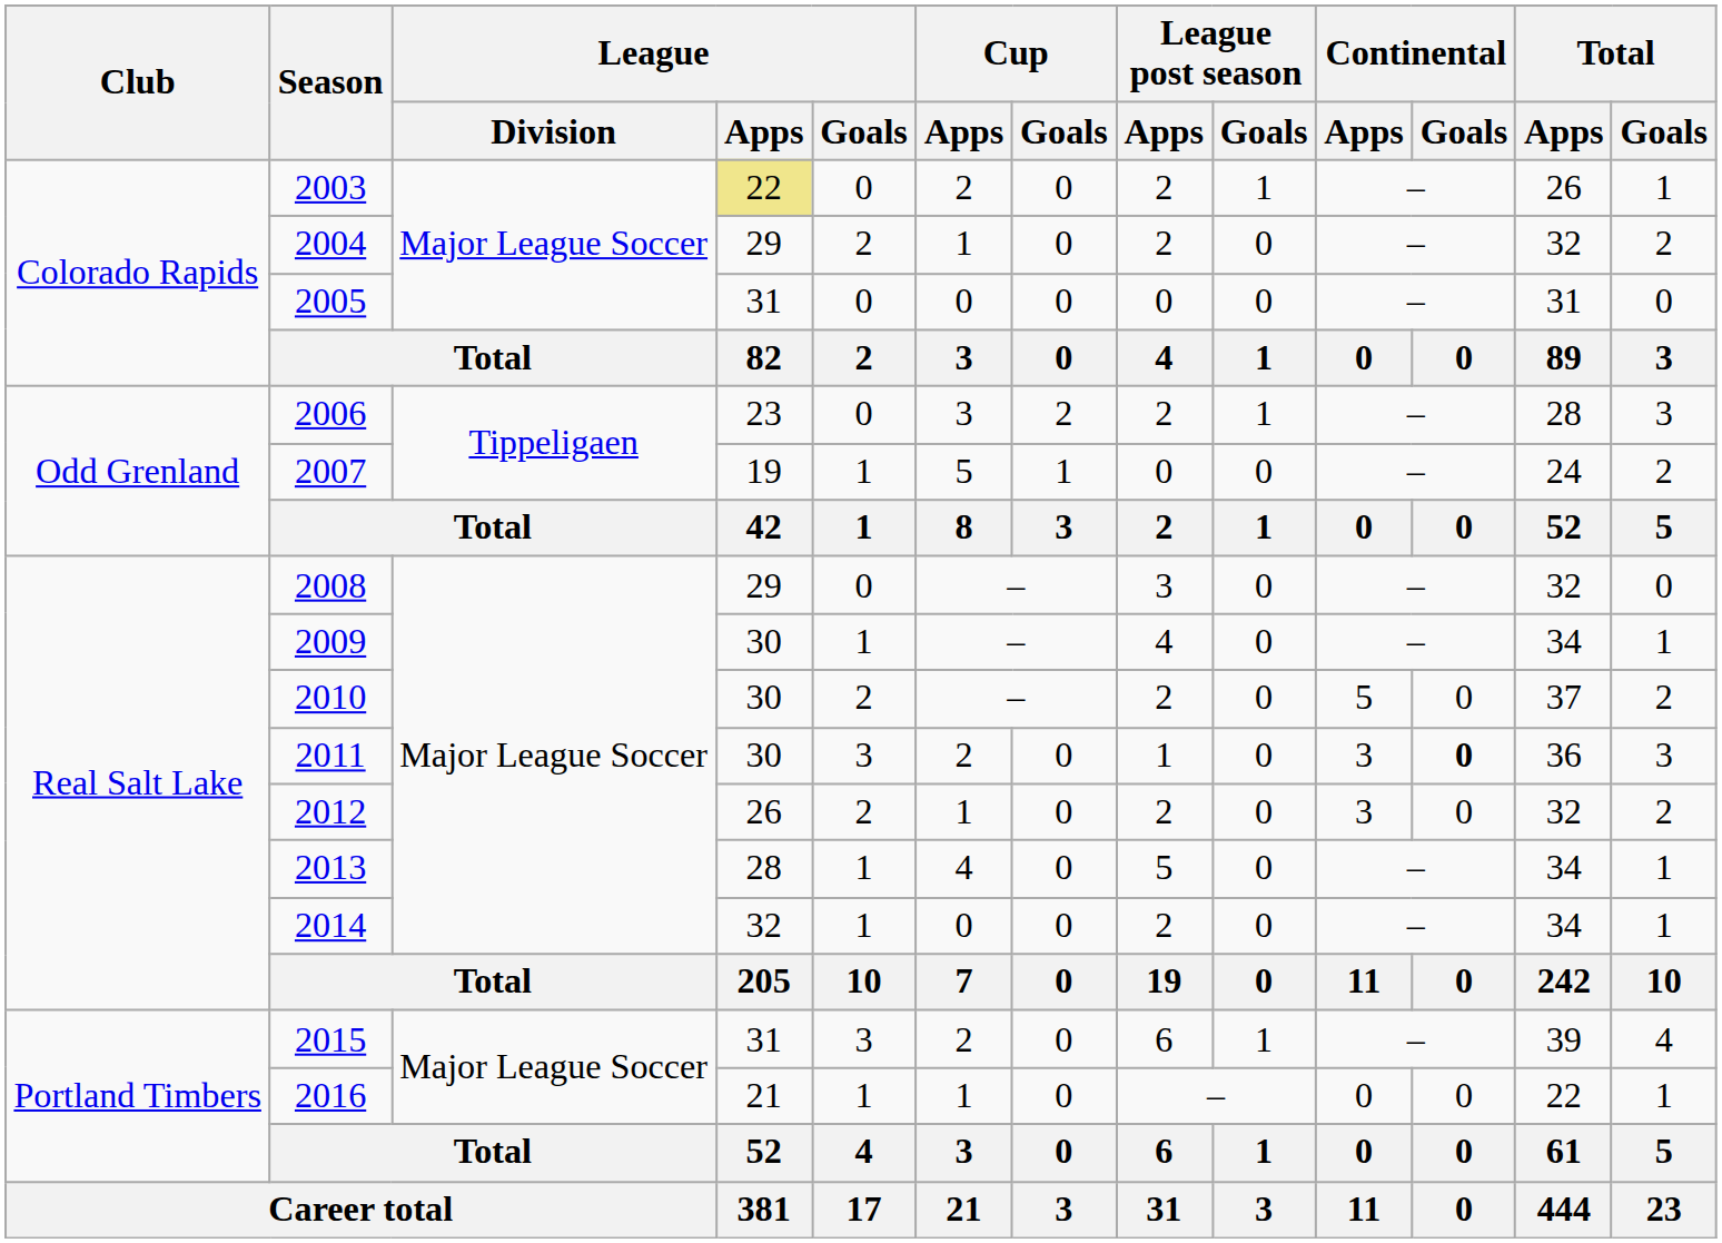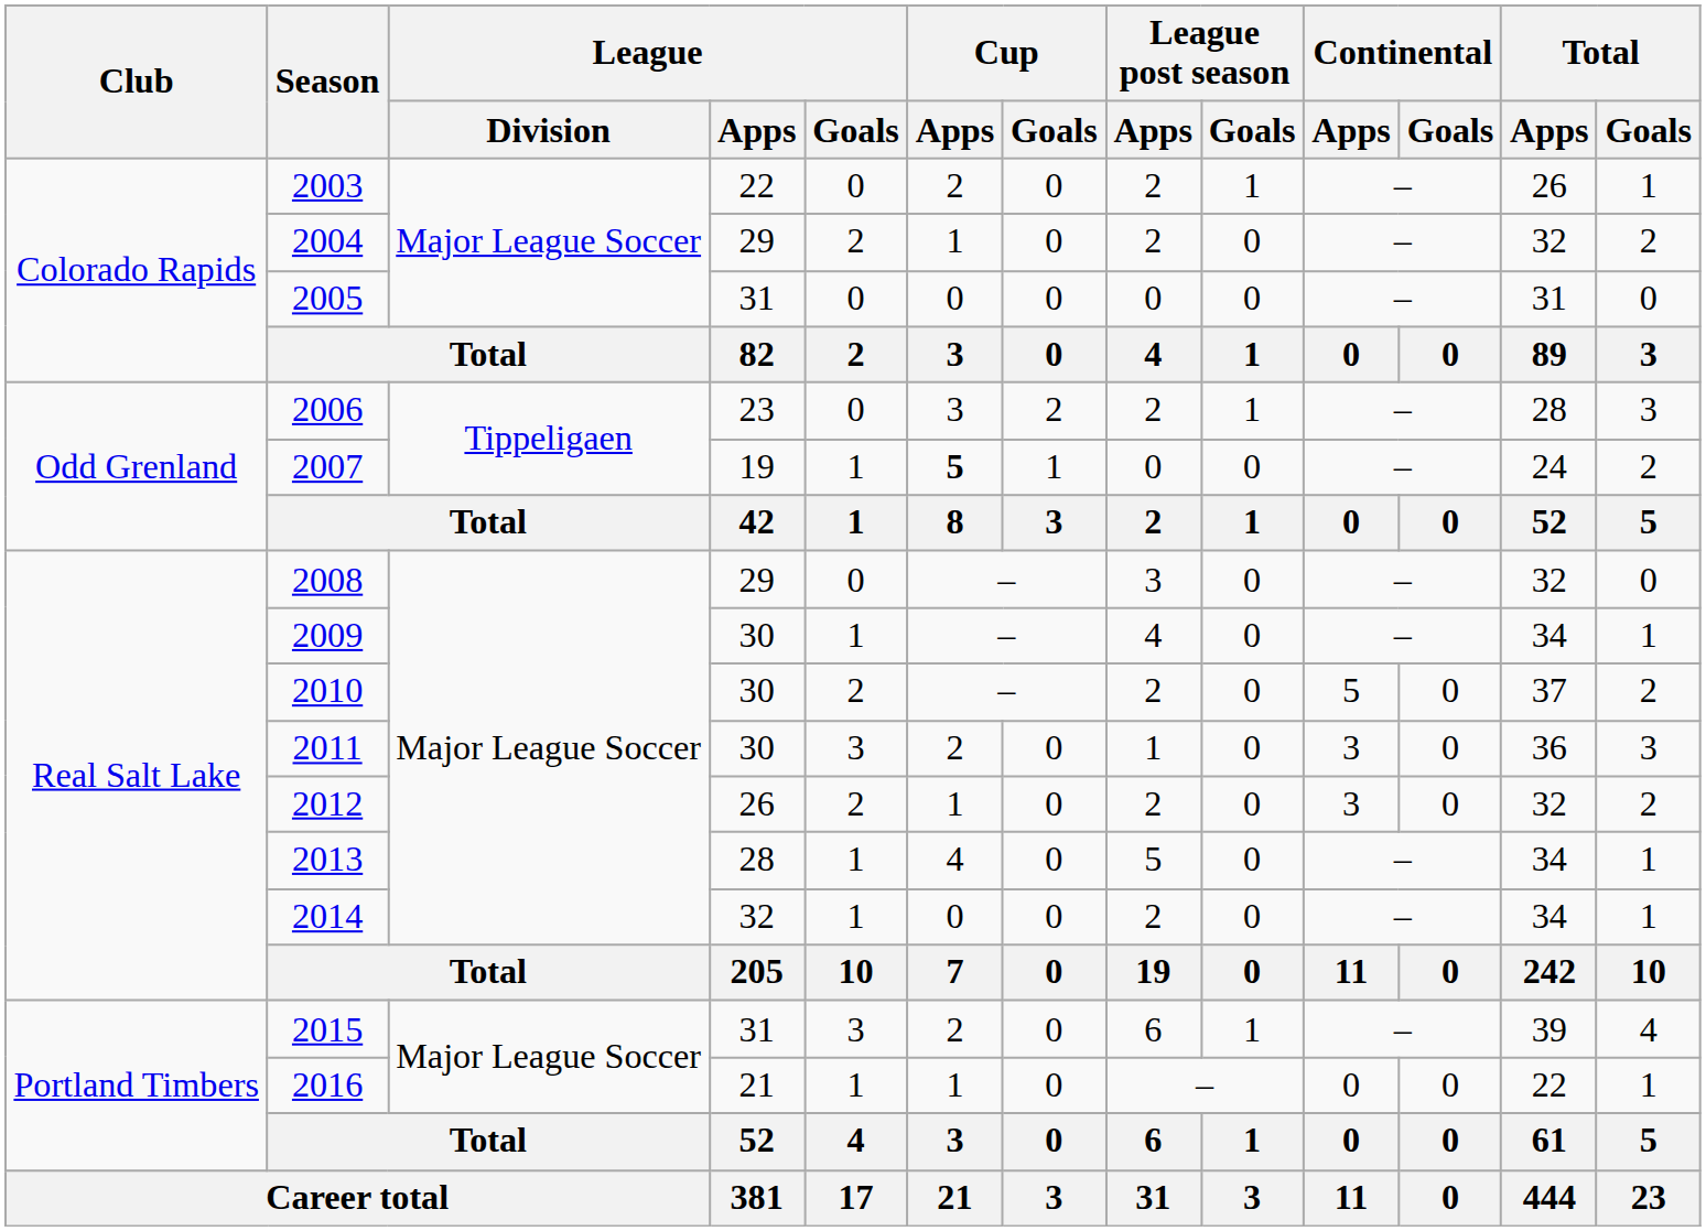 <table class="wikitable" style="text-align:center">
 <tr>
 <th rowspan="2">Club</th>
 <th rowspan="2">Season</th>
 <th colspan="3">League</th>
 <th colspan="2">Cup</th>
 <th colspan="2">League<br>post season</th>
 <th colspan="2">Continental</th>
 <th colspan="2">Total</th>
 </tr>
 <tr>
 <th>Division</th>
 <th>Apps</th>
 <th>Goals</th>
 <th>Apps</th>
 <th>Goals</th>
 <th>Apps</th>
 <th>Goals</th>
 <th>Apps</th>
 <th>Goals</th>
 <th>Apps</th>
 <th>Goals</th>
 </tr>
 <tr>
 <td rowspan="4"><a href='#'>Colorado Rapids</a></td>
 <td><a href='#'>2003</a></td>
 <td rowspan="3"><a href='#'>Major League Soccer</a></td>
-<td style="background: khaki;">22</td>
+<td>22</td>
 <td>0</td>
 <td>2</td>
 <td>0</td>
 <td>2</td>
 <td>1</td>
 <td colspan="2">–</td>
 <td>26</td>
 <td>1</td>
 </tr>
 <tr>
 <td><a href='#'>2004</a></td>
 <td>29</td>
 <td>2</td>
 <td>1</td>
 <td>0</td>
 <td>2</td>
 <td>0</td>
 <td colspan="2">–</td>
 <td>32</td>
 <td>2</td>
 </tr>
 <tr>
 <td><a href='#'>2005</a></td>
 <td>31</td>
 <td>0</td>
 <td>0</td>
 <td>0</td>
 <td>0</td>
 <td>0</td>
 <td colspan="2">–</td>
 <td>31</td>
 <td>0</td>
 </tr>
 <tr>
 <th colspan="2">Total</th>
 <th>82</th>
 <th>2</th>
 <th>3</th>
 <th>0</th>
 <th>4</th>
 <th>1</th>
 <th>0</th>
 <th>0</th>
 <th>89</th>
 <th>3</th>
 </tr>
 <tr>
 <td rowspan="3"><a href='#'>Odd Grenland</a></td>
 <td><a href='#'>2006</a></td>
 <td rowspan="2"><a href='#'>Tippeligaen</a></td>
 <td>23</td>
 <td>0</td>
 <td>3</td>
 <td>2</td>
 <td>2</td>
 <td>1</td>
 <td colspan="2">–</td>
 <td>28</td>
 <td>3</td>
 </tr>
 <tr>
 <td><a href='#'>2007</a></td>
 <td>19</td>
 <td>1</td>
-<td>5</td>
+<td><strong>5</strong></td>
 <td>1</td>
 <td>0</td>
 <td>0</td>
 <td colspan="2">–</td>
 <td>24</td>
 <td>2</td>
 </tr>
 <tr>
 <th colspan="2">Total</th>
 <th>42</th>
 <th>1</th>
 <th>8</th>
 <th>3</th>
 <th>2</th>
 <th>1</th>
 <th>0</th>
 <th>0</th>
 <th>52</th>
 <th>5</th>
 </tr>
 <tr>
 <td rowspan="8"><a href='#'>Real Salt Lake</a></td>
 <td><a href='#'>2008</a></td>
 <td rowspan="7">Major League Soccer</td>
 <td>29</td>
 <td>0</td>
 <td colspan="2">–</td>
 <td>3</td>
 <td>0</td>
 <td colspan="2">–</td>
 <td>32</td>
 <td>0</td>
 </tr>
 <tr>
 <td><a href='#'>2009</a></td>
 <td>30</td>
 <td>1</td>
 <td colspan="2">–</td>
 <td>4</td>
 <td>0</td>
 <td colspan="2">–</td>
 <td>34</td>
 <td>1</td>
 </tr>
 <tr>
 <td><a href='#'>2010</a></td>
 <td>30</td>
 <td>2</td>
 <td colspan="2">–</td>
 <td>2</td>
 <td>0</td>
 <td>5</td>
 <td>0</td>
 <td>37</td>
 <td>2</td>
 </tr>
 <tr>
 <td><a href='#'>2011</a></td>
 <td>30</td>
 <td>3</td>
 <td>2</td>
 <td>0</td>
 <td>1</td>
 <td>0</td>
 <td>3</td>
-<td><strong>0</strong></td>
+<td>0</td>
 <td>36</td>
 <td>3</td>
 </tr>
 <tr>
 <td><a href='#'>2012</a></td>
 <td>26</td>
 <td>2</td>
 <td>1</td>
 <td>0</td>
 <td>2</td>
 <td>0</td>
 <td>3</td>
 <td>0</td>
 <td>32</td>
 <td>2</td>
 </tr>
 <tr>
 <td><a href='#'>2013</a></td>
 <td>28</td>
 <td>1</td>
 <td>4</td>
 <td>0</td>
 <td>5</td>
 <td>0</td>
 <td colspan="2">–</td>
 <td>34</td>
 <td>1</td>
 </tr>
 <tr>
 <td><a href='#'>2014</a></td>
 <td>32</td>
 <td>1</td>
 <td>0</td>
 <td>0</td>
 <td>2</td>
 <td>0</td>
 <td colspan="2">–</td>
 <td>34</td>
 <td>1</td>
 </tr>
 <tr>
 <th colspan="2">Total</th>
 <th>205</th>
 <th>10</th>
 <th>7</th>
 <th>0</th>
 <th>19</th>
 <th>0</th>
 <th>11</th>
 <th>0</th>
 <th>242</th>
 <th>10</th>
 </tr>
 <tr>
 <td rowspan="3"><a href='#'>Portland Timbers</a></td>
 <td><a href='#'>2015</a></td>
 <td rowspan="2">Major League Soccer</td>
 <td>31</td>
 <td>3</td>
 <td>2</td>
 <td>0</td>
 <td>6</td>
 <td>1</td>
 <td colspan="2">–</td>
 <td>39</td>
 <td>4</td>
 </tr>
 <tr>
 <td><a href='#'>2016</a></td>
 <td>21</td>
 <td>1</td>
 <td>1</td>
 <td>0</td>
 <td colspan="2">–</td>
 <td>0</td>
 <td>0</td>
 <td>22</td>
 <td>1</td>
 </tr>
 <tr>
 <th colspan="2">Total</th>
 <th>52</th>
 <th>4</th>
 <th>3</th>
 <th>0</th>
 <th>6</th>
 <th>1</th>
 <th>0</th>
 <th>0</th>
 <th>61</th>
 <th>5</th>
 </tr>
 <tr>
 <th colspan="3">Career total</th>
 <th>381</th>
 <th>17</th>
 <th>21</th>
 <th>3</th>
 <th>31</th>
 <th>3</th>
 <th>11</th>
 <th>0</th>
 <th>444</th>
 <th>23</th>
 </tr>
 </table>
